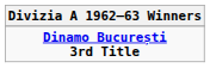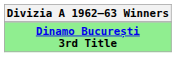 <table class="wikitable" style="text-align: center; margin: 0 auto;">
 <tr>
 <th>Divizia A 1962–63 Winners</th>
 </tr>
 <tr>
 </tr>
 <tr>
-<td><strong><a href='#'>Dinamo București</a></strong><br><strong>3rd Title</strong></td>
+<td style="background: lightgreen;"><strong><a href='#'>Dinamo București</a></strong><br><strong>3rd Title</strong></td>
 </tr>
 </table>
